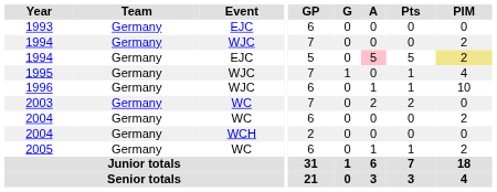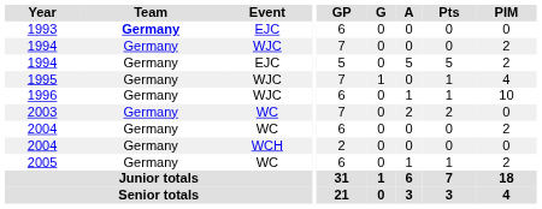 <table border="0" cellpadding="1" cellspacing="0" ID="Table3" style="text-align:center; width:40em">
 <tr ALIGN="center" bgcolor="#e0e0e0">
 <th>Year</th>
 <th>Team</th>
 <th>Event</th>
 <th rowspan="99" bgcolor="#ffffff"></th>
 <th>GP</th>
 <th>G</th>
 <th>A</th>
 <th>Pts</th>
 <th>PIM</th>
 </tr>
 <tr>
 <td><a href='#'>1993</a></td>
-<td><a href='#'>Germany</a></td>
+<td><strong><a href='#'>Germany</a></strong></td>
 <td><a href='#'>EJC</a></td>
 <td>6</td>
 <td>0</td>
 <td>0</td>
 <td>0</td>
 <td>0</td>
 </tr>
 <tr bgcolor="#f0f0f0">
 <td><a href='#'>1994</a></td>
 <td><a href='#'>Germany</a></td>
 <td><a href='#'>WJC</a></td>
 <td>7</td>
 <td>0</td>
 <td>0</td>
 <td>0</td>
 <td>2</td>
 </tr>
 <tr>
 <td><a href='#'>1994</a></td>
 <td>Germany</td>
 <td>EJC</td>
 <td>5</td>
 <td>0</td>
-<td style="background: pink;">5</td>
 <td>5</td>
-<td style="background: khaki;">2</td>
+<td>5</td>
+<td>2</td>
 </tr>
 <tr bgcolor="#f0f0f0">
 <td><a href='#'>1995</a></td>
 <td>Germany</td>
 <td>WJC</td>
 <td>7</td>
 <td>1</td>
 <td>0</td>
 <td>1</td>
 <td>4</td>
 </tr>
 <tr>
 <td><a href='#'>1996</a></td>
 <td>Germany</td>
 <td>WJC</td>
 <td>6</td>
 <td>0</td>
 <td>1</td>
 <td>1</td>
 <td>10</td>
 </tr>
 <tr bgcolor="#f0f0f0">
 <td><a href='#'>2003</a></td>
 <td><a href='#'>Germany</a></td>
 <td><a href='#'>WC</a></td>
 <td>7</td>
 <td>0</td>
 <td>2</td>
 <td>2</td>
 <td>0</td>
 </tr>
 <tr>
 <td><a href='#'>2004</a></td>
 <td>Germany</td>
 <td>WC</td>
 <td>6</td>
 <td>0</td>
 <td>0</td>
 <td>0</td>
 <td>2</td>
 </tr>
 <tr bgcolor="#f0f0f0">
 <td><a href='#'>2004</a></td>
 <td>Germany</td>
 <td><a href='#'>WCH</a></td>
 <td>2</td>
 <td>0</td>
 <td>0</td>
 <td>0</td>
 <td>0</td>
 </tr>
 <tr>
 <td><a href='#'>2005</a></td>
 <td>Germany</td>
 <td>WC</td>
 <td>6</td>
 <td>0</td>
 <td>1</td>
 <td>1</td>
 <td>2</td>
 </tr>
 <tr bgcolor="#e0e0e0">
 <th colspan="3">Junior totals</th>
 <th>31</th>
 <th>1</th>
 <th>6</th>
 <th>7</th>
 <th>18</th>
 </tr>
 <tr bgcolor="#e0e0e0">
 <th colspan="3">Senior totals</th>
 <th>21</th>
 <th>0</th>
 <th>3</th>
 <th>3</th>
 <th>4</th>
 </tr>
 </table>
